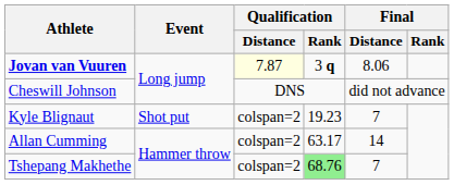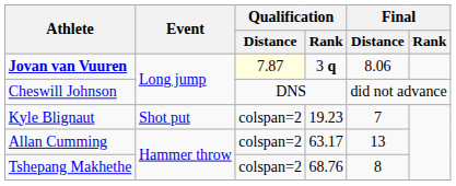 <table class="wikitable" style="font-size:90%; text-align:center">
 <tr>
 <th rowspan=2>Athlete</th>
 <th rowspan=2>Event</th>
 <th colspan=2>Qualification</th>
 <th colspan=2>Final</th>
 </tr>
 <tr style="font-size:95%">
 <th>Distance</th>
 <th>Rank</th>
 <th>Distance</th>
 <th>Rank</th>
 </tr>
 <tr>
 <td align=left><strong><a href='#'>Jovan van Vuuren</a></strong></td>
 <td align=left rowspan=2><a href='#'>Long jump</a></td>
 <td style="background: lightyellow;">7.87</td>
 <td>3 <strong>q</strong></td>
 <td>8.06</td>
 <td></td>
 </tr>
 <tr>
 <td align=left><a href='#'>Cheswill Johnson</a></td>
 <td colspan=2>DNS</td>
 <td colspan=2>did not advance</td>
 </tr>
 <tr>
 <td align=left><a href='#'>Kyle Blignaut</a></td>
 <td align=left><a href='#'>Shot put</a></td>
 <td>colspan=2 </td>
 <td>19.23</td>
 <td>7</td>
 </tr>
 <tr>
 <td align=left><a href='#'>Allan Cumming</a></td>
 <td align=left rowspan=2><a href='#'>Hammer throw</a></td>
 <td>colspan=2 </td>
 <td>63.17</td>
-<td>14</td>
+<td>13</td>
 </tr>
 <tr>
 <td align=left><a href='#'>Tshepang Makhethe</a></td>
 <td>colspan=2 </td>
-<td style="background: lightgreen;">68.76</td>
-<td>7</td>
+<td>68.76</td>
+<td>8</td>
 </tr>
 </table>
